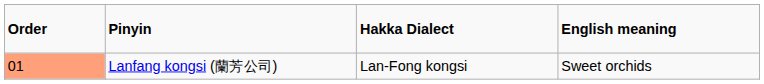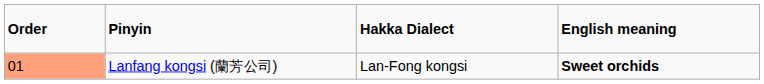 <table class="wikitable" width="95%">
 <tr>
 <td align="centre" height="47" width="10%"><span><strong>Order</strong></span></td>
 <td align="centre" height="47" width="25%"><strong>Pinyin</strong></td>
 <td align="centre" height="47" width="20%"><strong>Hakka Dialect</strong></td>
 <td align="centre" height="47" width="20%"><span><strong>English meaning</strong></span></td>
 </tr>
 <tr>
 <td style="background: lightsalmon;">01</td>
 <td><a href='#'>Lanfang kongsi</a> (蘭芳公司)</td>
 <td>Lan-Fong kongsi</td>
-<td align="centre">Sweet orchids</td>
+<td align="centre"><strong>Sweet orchids</strong></td>
 </tr>
 </table>
